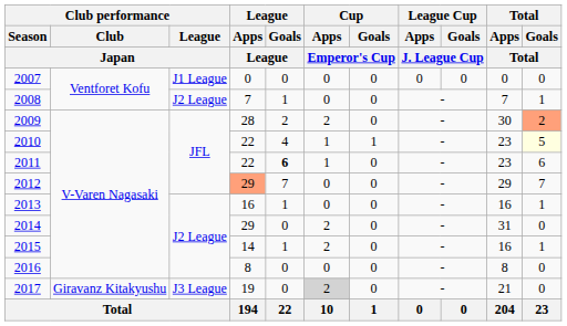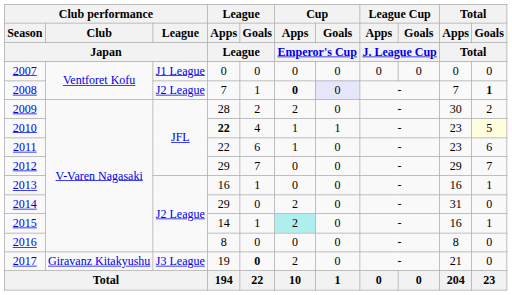 <table class="wikitable" style="text-align:center;">
 <tr>
 <th colspan=3>Club performance</th>
 <th colspan=2>League</th>
 <th colspan=2>Cup</th>
 <th colspan=2>League Cup</th>
 <th colspan=2>Total</th>
 </tr>
 <tr>
 <th>Season</th>
 <th>Club</th>
 <th>League</th>
 <th>Apps</th>
 <th>Goals</th>
 <th>Apps</th>
 <th>Goals</th>
 <th>Apps</th>
 <th>Goals</th>
 <th>Apps</th>
 <th>Goals</th>
 </tr>
 <tr>
 <th colspan=3>Japan</th>
 <th colspan=2>League</th>
 <th colspan=2><a href='#'>Emperor's Cup</a></th>
 <th colspan=2><a href='#'>J. League Cup</a></th>
 <th colspan=2>Total</th>
 </tr>
 <tr>
 <td><a href='#'>2007</a></td>
 <td rowspan="2"><a href='#'>Ventforet Kofu</a></td>
 <td><a href='#'>J1 League</a></td>
 <td>0</td>
 <td>0</td>
 <td>0</td>
 <td>0</td>
 <td>0</td>
 <td>0</td>
 <td>0</td>
 <td>0</td>
 </tr>
 <tr>
 <td><a href='#'>2008</a></td>
 <td><a href='#'>J2 League</a></td>
 <td>7</td>
 <td>1</td>
-<td>0</td>
-<td>0</td>
+<td><strong>0</strong></td>
+<td style="background: lavender;">0</td>
 <td colspan="2">-</td>
 <td>7</td>
-<td>1</td>
+<td><strong>1</strong></td>
 </tr>
 <tr>
 <td><a href='#'>2009</a></td>
 <td rowspan="8"><a href='#'>V-Varen Nagasaki</a></td>
 <td rowspan="4"><a href='#'>JFL</a></td>
 <td>28</td>
 <td>2</td>
 <td>2</td>
 <td>0</td>
 <td colspan="2">-</td>
 <td>30</td>
-<td style="background: lightsalmon;">2</td>
+<td>2</td>
 </tr>
 <tr>
 <td><a href='#'>2010</a></td>
-<td>22</td>
+<td><strong>22</strong></td>
 <td>4</td>
 <td>1</td>
 <td>1</td>
 <td colspan="2">-</td>
 <td>23</td>
 <td style="background: lightyellow;">5</td>
 </tr>
 <tr>
 <td><a href='#'>2011</a></td>
 <td>22</td>
-<td><strong>6</strong></td>
+<td>6</td>
 <td>1</td>
 <td>0</td>
 <td colspan="2">-</td>
 <td>23</td>
 <td>6</td>
 </tr>
 <tr>
 <td><a href='#'>2012</a></td>
-<td style="background: lightsalmon;">29</td>
+<td>29</td>
 <td>7</td>
 <td>0</td>
 <td>0</td>
 <td colspan="2">-</td>
 <td>29</td>
 <td>7</td>
 </tr>
 <tr>
 <td><a href='#'>2013</a></td>
 <td rowspan="4"><a href='#'>J2 League</a></td>
 <td>16</td>
 <td>1</td>
 <td>0</td>
 <td>0</td>
 <td colspan="2">-</td>
 <td>16</td>
 <td>1</td>
 </tr>
 <tr>
 <td><a href='#'>2014</a></td>
 <td>29</td>
 <td>0</td>
 <td>2</td>
 <td>0</td>
 <td colspan="2">-</td>
 <td>31</td>
 <td>0</td>
 </tr>
 <tr>
 <td><a href='#'>2015</a></td>
 <td>14</td>
 <td>1</td>
-<td>2</td>
+<td style="background: paleturquoise;">2</td>
 <td>0</td>
 <td colspan="2">-</td>
 <td>16</td>
 <td>1</td>
 </tr>
 <tr>
 <td><a href='#'>2016</a></td>
 <td>8</td>
 <td>0</td>
 <td>0</td>
 <td>0</td>
 <td colspan="2">-</td>
 <td>8</td>
 <td>0</td>
 </tr>
 <tr>
 <td><a href='#'>2017</a></td>
 <td><a href='#'>Giravanz Kitakyushu</a></td>
 <td><a href='#'>J3 League</a></td>
 <td>19</td>
-<td>0</td>
-<td style="background: lightgrey;">2</td>
+<td><strong>0</strong></td>
+<td>2</td>
 <td>0</td>
 <td colspan="2">-</td>
 <td>21</td>
 <td>0</td>
 </tr>
 <tr>
 <th colspan=3>Total</th>
 <th>194</th>
 <th>22</th>
 <th>10</th>
 <th>1</th>
 <th>0</th>
 <th>0</th>
 <th>204</th>
 <th>23</th>
 </tr>
 </table>
